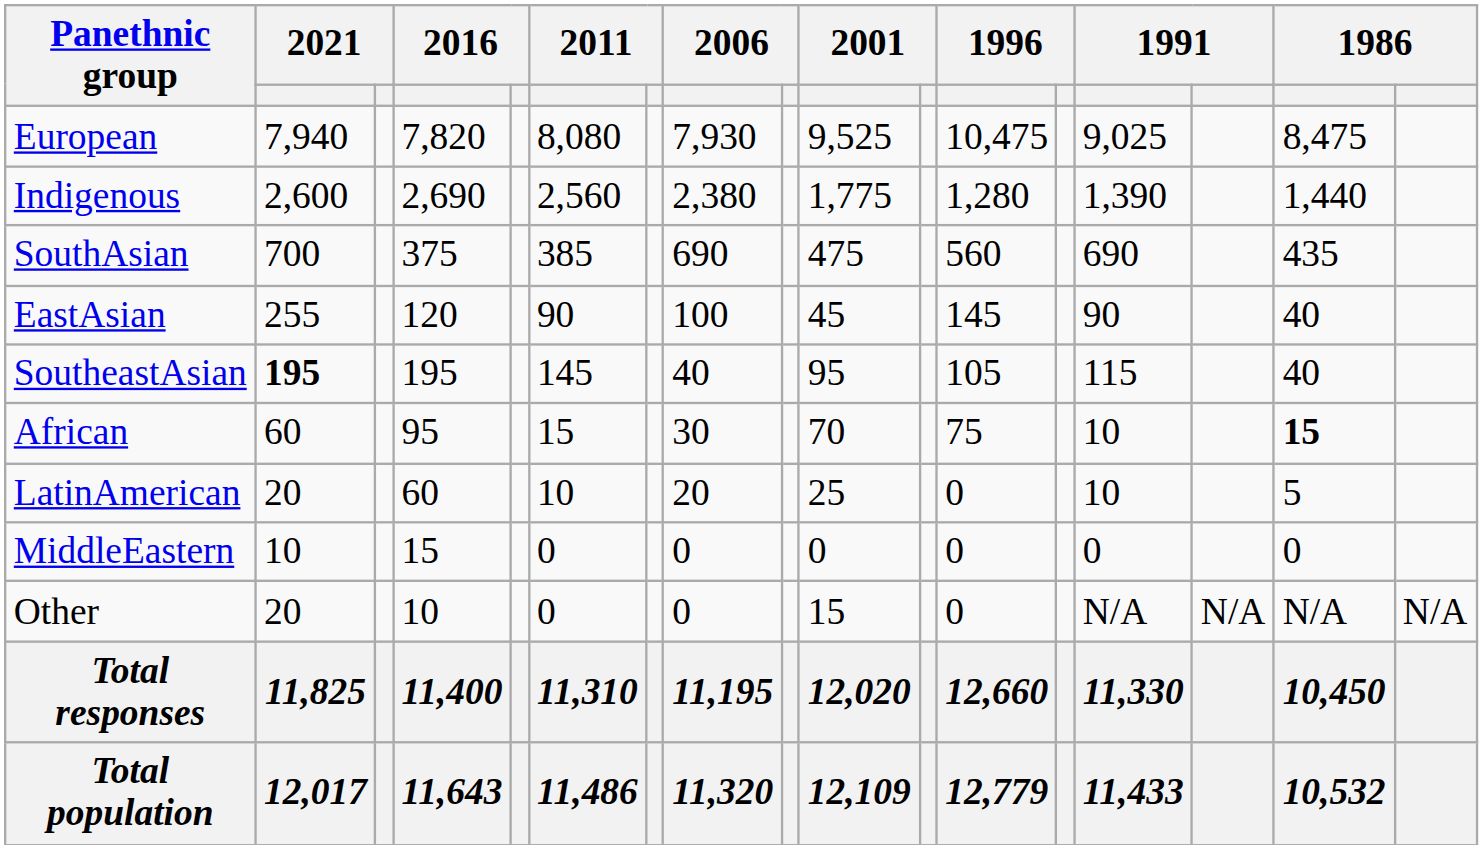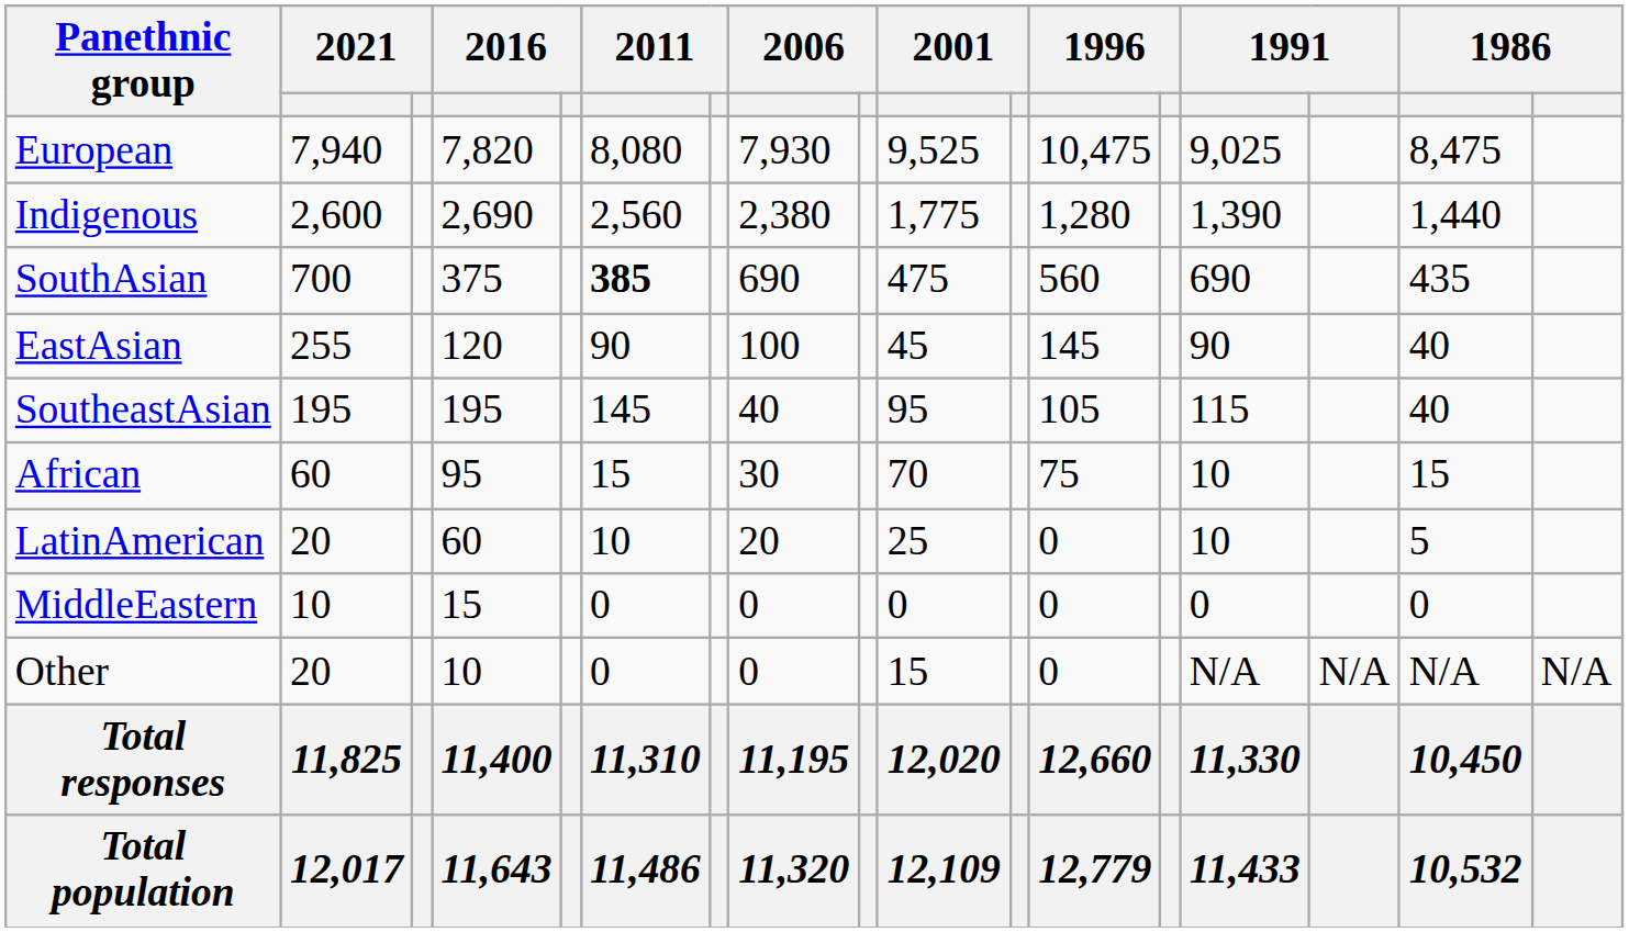 <table class="wikitable">
 <tr>
 <th rowspan="2"><a href='#'>Panethnic</a><br>group</th>
 <th colspan="2">2021</th>
 <th colspan="2">2016</th>
 <th colspan="2">2011</th>
 <th colspan="2">2006</th>
 <th colspan="2">2001</th>
 <th colspan="2">1996</th>
 <th colspan="2">1991</th>
 <th colspan="2">1986</th>
 </tr>
 <tr>
 <th><a href='#'></a></th>
 <th></th>
 <th></th>
 <th></th>
 <th></th>
 <th></th>
 <th></th>
 <th></th>
 <th></th>
 <th></th>
 <th></th>
 <th></th>
 <th></th>
 <th></th>
 <th></th>
 <th></th>
 </tr>
 <tr>
 <td><a href='#'>European</a></td>
 <td>7,940</td>
 <td></td>
 <td>7,820</td>
 <td></td>
 <td>8,080</td>
 <td></td>
 <td>7,930</td>
 <td></td>
 <td>9,525</td>
 <td></td>
 <td>10,475</td>
 <td></td>
 <td>9,025</td>
 <td></td>
 <td>8,475</td>
 <td></td>
 </tr>
 <tr>
 <td><a href='#'>Indigenous</a></td>
 <td>2,600</td>
 <td></td>
 <td>2,690</td>
 <td></td>
 <td>2,560</td>
 <td></td>
 <td>2,380</td>
 <td></td>
 <td>1,775</td>
 <td></td>
 <td>1,280</td>
 <td></td>
 <td>1,390</td>
 <td></td>
 <td>1,440</td>
 <td></td>
 </tr>
 <tr>
 <td><a href='#'>SouthAsian</a></td>
 <td>700</td>
 <td></td>
 <td>375</td>
 <td></td>
-<td>385</td>
+<td><strong>385</strong></td>
 <td></td>
 <td>690</td>
 <td></td>
 <td>475</td>
 <td></td>
 <td>560</td>
 <td></td>
 <td>690</td>
 <td></td>
 <td>435</td>
 <td></td>
 </tr>
 <tr>
 <td><a href='#'>EastAsian</a></td>
 <td>255</td>
 <td></td>
 <td>120</td>
 <td></td>
 <td>90</td>
 <td></td>
 <td>100</td>
 <td></td>
 <td>45</td>
 <td></td>
 <td>145</td>
 <td></td>
 <td>90</td>
 <td></td>
 <td>40</td>
 <td></td>
 </tr>
 <tr>
 <td><a href='#'>SoutheastAsian</a></td>
-<td><strong>195</strong></td>
+<td>195</td>
 <td></td>
 <td>195</td>
 <td></td>
 <td>145</td>
 <td></td>
 <td>40</td>
 <td></td>
 <td>95</td>
 <td></td>
 <td>105</td>
 <td></td>
 <td>115</td>
 <td></td>
 <td>40</td>
 <td></td>
 </tr>
 <tr>
 <td><a href='#'>African</a></td>
 <td>60</td>
 <td></td>
 <td>95</td>
 <td></td>
 <td>15</td>
 <td></td>
 <td>30</td>
 <td></td>
 <td>70</td>
 <td></td>
 <td>75</td>
 <td></td>
 <td>10</td>
 <td></td>
-<td><strong>15</strong></td>
+<td>15</td>
 <td></td>
 </tr>
 <tr>
 <td><a href='#'>LatinAmerican</a></td>
 <td>20</td>
 <td></td>
 <td>60</td>
 <td></td>
 <td>10</td>
 <td></td>
 <td>20</td>
 <td></td>
 <td>25</td>
 <td></td>
 <td>0</td>
 <td></td>
 <td>10</td>
 <td></td>
 <td>5</td>
 <td></td>
 </tr>
 <tr>
 <td><a href='#'>MiddleEastern</a></td>
 <td>10</td>
 <td></td>
 <td>15</td>
 <td></td>
 <td>0</td>
 <td></td>
 <td>0</td>
 <td></td>
 <td>0</td>
 <td></td>
 <td>0</td>
 <td></td>
 <td>0</td>
 <td></td>
 <td>0</td>
 <td></td>
 </tr>
 <tr>
 <td>Other</td>
 <td>20</td>
 <td></td>
 <td>10</td>
 <td></td>
 <td>0</td>
 <td></td>
 <td>0</td>
 <td></td>
 <td>15</td>
 <td></td>
 <td>0</td>
 <td></td>
 <td>N/A</td>
 <td>N/A</td>
 <td>N/A</td>
 <td>N/A</td>
 </tr>
 <tr>
 <th><em>Total<br>responses</em></th>
 <th><em>11,825</em></th>
 <th><em></em></th>
 <th><em>11,400</em></th>
 <th><em></em></th>
 <th><em>11,310</em></th>
 <th><em></em></th>
 <th><em>11,195</em></th>
 <th><em></em></th>
 <th><em>12,020</em></th>
 <th><em></em></th>
 <th><em>12,660</em></th>
 <th><em></em></th>
 <th><em>11,330</em></th>
 <th><em></em></th>
 <th><em>10,450</em></th>
 <th><em></em></th>
 </tr>
 <tr>
 <th><em>Total<br>population</em></th>
 <th><em>12,017</em></th>
 <th><em></em></th>
 <th><em>11,643</em></th>
 <th><em></em></th>
 <th><em>11,486</em></th>
 <th><em></em></th>
 <th><em>11,320</em></th>
 <th><em></em></th>
 <th><em>12,109</em></th>
 <th><em></em></th>
 <th><em>12,779</em></th>
 <th><em></em></th>
 <th><em>11,433</em></th>
 <th><em></em></th>
 <th><em>10,532</em></th>
 <th><em></em></th>
 </tr>
 </table>
